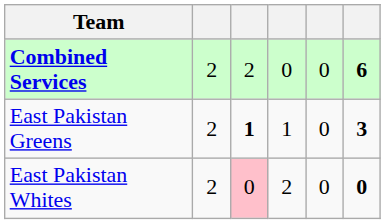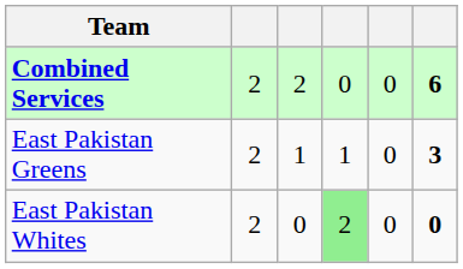 <table class="wikitable sortable" style="text-align:center";"font-size:95%">
 <tr>
 <th style="width:130px;">Team</th>
 <th style="width:20px;"></th>
 <th style="width:20px;"></th>
 <th style="width:20px;"></th>
 <th style="width:20px;"></th>
 <th style="width:20px;"></th>
 </tr>
 <tr bgcolor="#ccffcc">
 <td style="text-align:left"><strong><a href='#'>Combined Services</a></strong></td>
 <td>2</td>
 <td>2</td>
 <td>0</td>
 <td>0</td>
 <td><strong>6</strong></td>
 </tr>
 <tr>
 <td style="text-align:left"><a href='#'>East Pakistan Greens</a></td>
 <td>2</td>
-<td><strong>1</strong></td>
+<td>1</td>
 <td>1</td>
 <td>0</td>
 <td><strong>3</strong></td>
 </tr>
 <tr>
 <td style="text-align:left"><a href='#'>East Pakistan Whites</a></td>
 <td>2</td>
-<td style="background: pink;">0</td>
-<td>2</td>
+<td>0</td>
+<td style="background: lightgreen;">2</td>
 <td>0</td>
 <td><strong>0</strong></td>
 </tr>
 </table>
